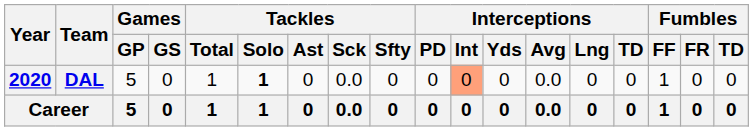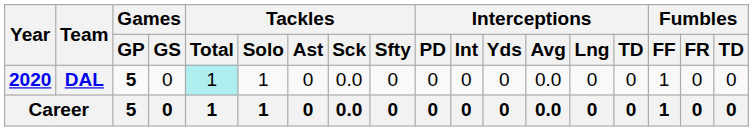 <table class="wikitable" style="text-align:center;">
 <tr>
 <th rowspan="2">Year</th>
 <th rowspan="2">Team</th>
 <th colspan="2">Games</th>
 <th colspan="5">Tackles</th>
 <th colspan="6">Interceptions</th>
 <th colspan="3">Fumbles</th>
 </tr>
 <tr>
 <th>GP</th>
 <th>GS</th>
 <th>Total</th>
 <th>Solo</th>
 <th>Ast</th>
 <th>Sck</th>
 <th>Sfty</th>
 <th>PD</th>
 <th>Int</th>
 <th>Yds</th>
 <th>Avg</th>
 <th>Lng</th>
 <th>TD</th>
 <th>FF</th>
 <th>FR</th>
 <th>TD</th>
 </tr>
 <tr>
 <th><a href='#'>2020</a></th>
 <th><a href='#'>DAL</a></th>
-<td>5</td>
+<td><strong>5</strong></td>
 <td>0</td>
+<td style="background: paleturquoise;">1</td>
 <td>1</td>
-<td><strong>1</strong></td>
 <td>0</td>
 <td>0.0</td>
 <td>0</td>
 <td>0</td>
-<td style="background: lightsalmon;">0</td>
+<td>0</td>
 <td>0</td>
 <td>0.0</td>
 <td>0</td>
 <td>0</td>
 <td>1</td>
 <td>0</td>
 <td>0</td>
 </tr>
 <tr>
 <th colspan="2">Career</th>
 <th>5</th>
 <th>0</th>
 <th>1</th>
 <th>1</th>
 <th>0</th>
 <th>0.0</th>
 <th>0</th>
 <th>0</th>
 <th>0</th>
 <th>0</th>
 <th>0.0</th>
 <th>0</th>
 <th>0</th>
 <th>1</th>
 <th>0</th>
 <th>0</th>
 </tr>
 </table>
